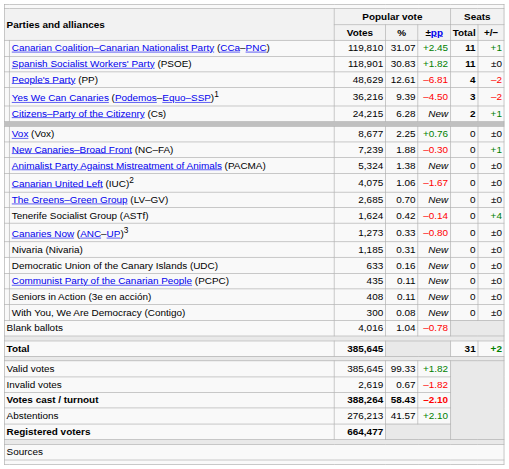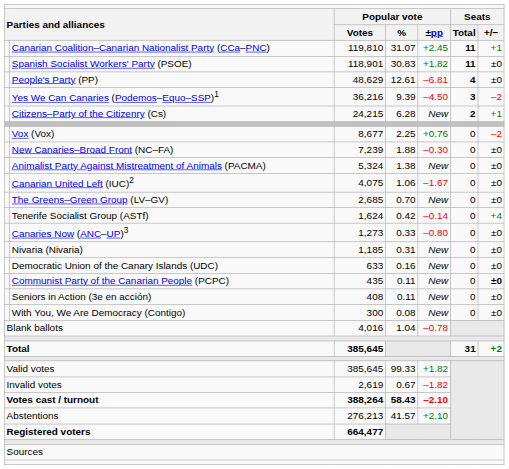 <table class="wikitable" style="text-align:right;">
 <tr>
 <td colspan="7"></td>
 </tr>
 <tr>
 <th style="text-align:left;" rowspan="2" colspan="2" width="525">Parties and alliances</th>
 <th colspan="3">Popular vote</th>
 <th colspan="2">Seats</th>
 </tr>
 <tr>
 <th width="75">Votes</th>
 <th width="45">%</th>
 <th width="45">±<a href='#'>pp</a></th>
 <th width="35">Total</th>
 <th width="35">+/−</th>
 </tr>
 <tr>
 <td width="1" style="color:inherit;background:"></td>
 <td align="left"><a href='#'>Canarian Coalition–Canarian Nationalist Party</a> (<a href='#'>CCa</a>–<a href='#'>PNC</a>)</td>
 <td>119,810</td>
 <td>31.07</td>
 <td style="color:green;">+2.45</td>
 <td><strong>11</strong></td>
 <td style="color:green;">+1</td>
 </tr>
 <tr>
 <td style="color:inherit;background:"></td>
 <td align="left"><a href='#'>Spanish Socialist Workers' Party</a> (PSOE)</td>
 <td>118,901</td>
 <td>30.83</td>
 <td style="color:green;">+1.82</td>
 <td><strong>11</strong></td>
 <td>±0</td>
 </tr>
 <tr>
 <td style="color:inherit;background:"></td>
 <td align="left"><a href='#'>People's Party</a> (PP)</td>
 <td>48,629</td>
 <td>12.61</td>
 <td style="color:red;">–6.81</td>
 <td><strong>4</strong></td>
-<td style="color:red;">–2</td>
+<td>±0</td>
 </tr>
 <tr>
 <td style="color:inherit;background:"></td>
 <td align="left"><a href='#'>Yes We Can Canaries</a> (<a href='#'>Podemos</a>–<a href='#'>Equo–SSP</a>)<sup>1</sup></td>
 <td>36,216</td>
 <td>9.39</td>
 <td style="color:red;">–4.50</td>
 <td><strong>3</strong></td>
 <td style="color:red;">–2</td>
 </tr>
 <tr>
 <td style="color:inherit;background:"></td>
 <td align="left"><a href='#'>Citizens–Party of the Citizenry</a> (Cs)</td>
 <td>24,215</td>
 <td>6.28</td>
 <td><em>New</em></td>
 <td><strong>2</strong></td>
 <td style="color:green;">+1</td>
 </tr>
 <tr>
 <td colspan="7" bgcolor="#C0C0C0"></td>
 </tr>
 <tr>
 <td style="color:inherit;background:"></td>
 <td align="left"><a href='#'>Vox</a> (Vox)</td>
 <td>8,677</td>
 <td>2.25</td>
 <td style="color:green;">+0.76</td>
 <td>0</td>
-<td>±0</td>
+<td style="color:red;">–2</td>
 </tr>
 <tr>
 <td style="color:inherit;background:"></td>
 <td align="left"><a href='#'>New Canaries–Broad Front</a> (NC–FA)</td>
 <td>7,239</td>
 <td>1.88</td>
 <td style="color:red;">–0.30</td>
 <td>0</td>
-<td style="color:green;">+1</td>
+<td>±0</td>
 </tr>
 <tr>
 <td style="color:inherit;background:"></td>
 <td align="left"><a href='#'>Animalist Party Against Mistreatment of Animals</a> (PACMA)</td>
 <td>5,324</td>
 <td>1.38</td>
 <td><em>New</em></td>
 <td>0</td>
 <td>±0</td>
 </tr>
 <tr>
 <td style="color:inherit;background:"></td>
 <td align="left"><a href='#'>Canarian United Left</a> (IUC)<sup>2</sup></td>
 <td>4,075</td>
 <td>1.06</td>
 <td style="color:red;">–1.67</td>
 <td>0</td>
 <td>±0</td>
 </tr>
 <tr>
 <td style="color:inherit;background:"></td>
 <td align="left"><a href='#'>The Greens–Green Group</a> (LV–GV)</td>
 <td>2,685</td>
 <td>0.70</td>
 <td><em>New</em></td>
 <td>0</td>
 <td>±0</td>
 </tr>
 <tr>
 <td style="color:inherit;background:"></td>
 <td align="left">Tenerife Socialist Group (ASTf)</td>
 <td>1,624</td>
 <td>0.42</td>
 <td style="color:red;">–0.14</td>
 <td>0</td>
 <td style="color:green;">+4</td>
 </tr>
 <tr>
 <td style="color:inherit;background:"></td>
 <td align="left"><a href='#'>Canaries Now</a> (<a href='#'>ANC</a>–<a href='#'>UP</a>)<sup>3</sup></td>
 <td>1,273</td>
 <td>0.33</td>
 <td style="color:red;">–0.80</td>
 <td>0</td>
 <td>±0</td>
 </tr>
 <tr>
 <td style="color:inherit;background:"></td>
 <td align="left">Nivaria (Nivaria)</td>
 <td>1,185</td>
 <td>0.31</td>
 <td><em>New</em></td>
 <td>0</td>
 <td>±0</td>
 </tr>
 <tr>
 <td bgcolor="white"></td>
 <td align="left">Democratic Union of the Canary Islands (UDC)</td>
 <td>633</td>
 <td>0.16</td>
 <td><em>New</em></td>
 <td>0</td>
 <td>±0</td>
 </tr>
 <tr>
 <td style="color:inherit;background:"></td>
 <td align="left"><a href='#'>Communist Party of the Canarian People</a> (PCPC)</td>
 <td>435</td>
 <td>0.11</td>
 <td><em>New</em></td>
 <td>0</td>
-<td>±0</td>
+<td><strong>±0</strong></td>
 </tr>
 <tr>
 <td style="color:inherit;background:"></td>
 <td align="left">Seniors in Action (3e en acción)</td>
 <td>408</td>
 <td>0.11</td>
 <td><em>New</em></td>
 <td>0</td>
 <td>±0</td>
 </tr>
 <tr>
 <td style="color:inherit;background:"></td>
 <td align="left">With You, We Are Democracy (Contigo)</td>
 <td>300</td>
 <td>0.08</td>
 <td><em>New</em></td>
 <td>0</td>
 <td>±0</td>
 </tr>
 <tr>
 <td align="left" colspan="2">Blank ballots</td>
 <td>4,016</td>
 <td>1.04</td>
 <td style="color:red;">–0.78</td>
 <td bgcolor="#E9E9E9" colspan="2"></td>
 </tr>
 <tr>
 <td colspan="7" bgcolor="#E9E9E9"></td>
 </tr>
 <tr style="font-weight:bold;">
 <td align="left" colspan="2">Total</td>
 <td>385,645</td>
 <td bgcolor="#E9E9E9" colspan="2"></td>
 <td>31</td>
 <td style="color:green;">+2</td>
 </tr>
 <tr>
 <td colspan="7" bgcolor="#E9E9E9"></td>
 </tr>
 <tr>
 <td align="left" colspan="2">Valid votes</td>
 <td>385,645</td>
 <td>99.33</td>
 <td style="color:green;">+1.82</td>
 <td bgcolor="#E9E9E9" colspan="2" rowspan="5"></td>
 </tr>
 <tr>
 <td align="left" colspan="2">Invalid votes</td>
 <td>2,619</td>
 <td>0.67</td>
 <td style="color:red;">–1.82</td>
 </tr>
 <tr style="font-weight:bold;">
 <td align="left" colspan="2">Votes cast / turnout</td>
 <td>388,264</td>
 <td>58.43</td>
 <td style="color:red;">–2.10</td>
 </tr>
 <tr>
 <td align="left" colspan="2">Abstentions</td>
 <td>276,213</td>
 <td>41.57</td>
 <td style="color:green;">+2.10</td>
 </tr>
 <tr style="font-weight:bold;">
 <td align="left" colspan="2">Registered voters</td>
 <td>664,477</td>
 <td bgcolor="#E9E9E9" colspan="2"></td>
 </tr>
 <tr>
 <td colspan="7" bgcolor="#E9E9E9"></td>
 </tr>
 <tr>
 <td align="left" colspan="7">Sources</td>
 </tr>
 <tr>
 <td colspan="7" style="text-align:left; max-width:790px;"></td>
 </tr>
 </table>
